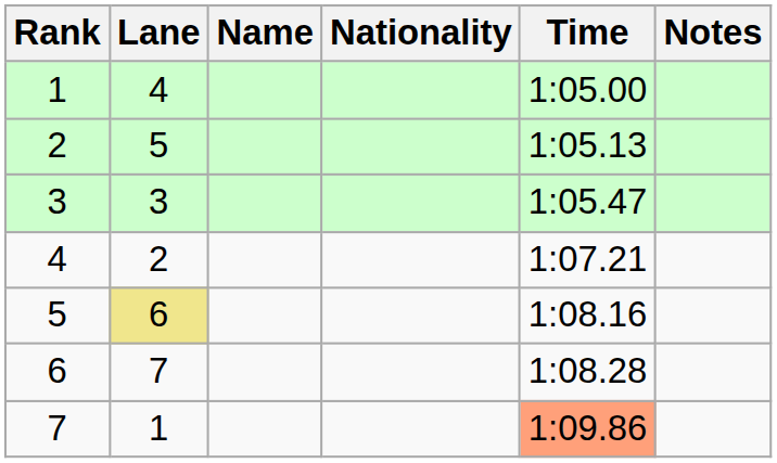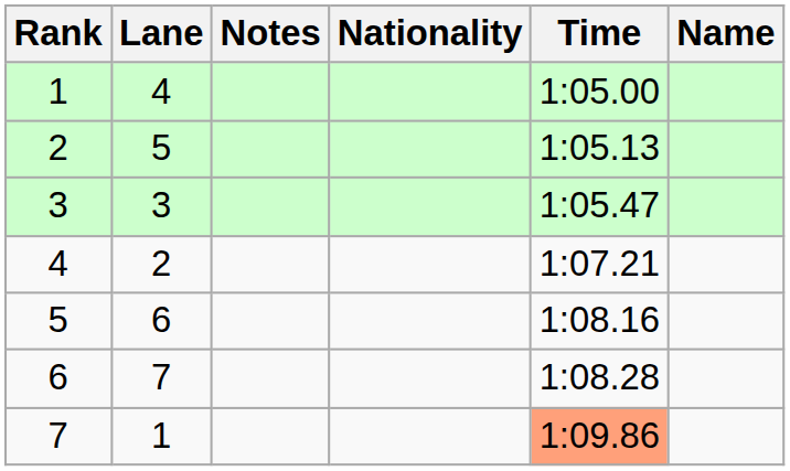 <table class="wikitable sortable" style="text-align:center">
 <tr>
 <th>Rank</th>
 <th>Lane</th>
-<th>Name</th>
+<th>Notes</th>
 <th>Nationality</th>
 <th>Time</th>
-<th>Notes</th>
+<th>Name</th>
 </tr>
 <tr bgcolor=ccffcc>
 <td>1</td>
 <td>4</td>
-<td align=left></td>
+<td><strong></strong></td>
 <td align=left></td>
 <td>1:05.00</td>
-<td><strong></strong></td>
+<td align=left></td>
 </tr>
 <tr bgcolor=ccffcc>
 <td>2</td>
 <td>5</td>
-<td align=left></td>
+<td><strong></strong></td>
 <td align=left></td>
 <td>1:05.13</td>
-<td><strong></strong></td>
+<td align=left></td>
 </tr>
 <tr bgcolor=ccffcc>
 <td>3</td>
 <td>3</td>
-<td align=left></td>
+<td><strong></strong></td>
 <td align=left></td>
 <td>1:05.47</td>
-<td><strong></strong></td>
+<td align=left></td>
 </tr>
 <tr>
 <td>4</td>
 <td>2</td>
-<td align=left></td>
+<td></td>
 <td align=left></td>
 <td>1:07.21</td>
-<td></td>
+<td align=left></td>
 </tr>
 <tr>
 <td>5</td>
-<td style="background: khaki;">6</td>
-<td align=left></td>
+<td>6</td>
+<td></td>
 <td align=left></td>
 <td>1:08.16</td>
-<td></td>
+<td align=left></td>
 </tr>
 <tr>
 <td>6</td>
 <td>7</td>
-<td align=left></td>
+<td></td>
 <td align=left></td>
 <td>1:08.28</td>
-<td></td>
+<td align=left></td>
 </tr>
 <tr>
 <td>7</td>
 <td>1</td>
-<td align=left></td>
+<td></td>
 <td align=left></td>
 <td style="background: lightsalmon;">1:09.86</td>
-<td></td>
+<td align=left></td>
 </tr>
 </table>
